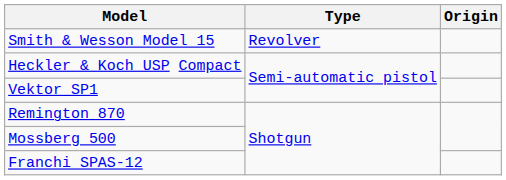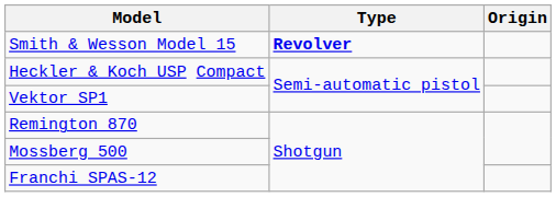 <table class="wikitable">
 <tr>
 <th>Model</th>
 <th>Type</th>
 <th>Origin</th>
 </tr>
 <tr>
 <td><a href='#'>Smith & Wesson Model 15</a></td>
-<td><a href='#'>Revolver</a></td>
+<td><strong><a href='#'>Revolver</a></strong></td>
 <td></td>
 </tr>
 <tr>
 <td><a href='#'>Heckler & Koch USP</a> <a href='#'>Compact</a></td>
 <td rowspan="2"><a href='#'>Semi-automatic pistol</a></td>
 <td></td>
 </tr>
 <tr>
 <td><a href='#'>Vektor SP1</a></td>
 <td></td>
 </tr>
 <tr>
 <td><a href='#'>Remington 870</a></td>
 <td rowspan="3"><a href='#'>Shotgun</a></td>
 <td rowspan="2"></td>
 </tr>
 <tr>
 <td><a href='#'>Mossberg 500</a></td>
 </tr>
 <tr>
 <td><a href='#'>Franchi SPAS-12</a></td>
 <td></td>
 </tr>
 </table>
